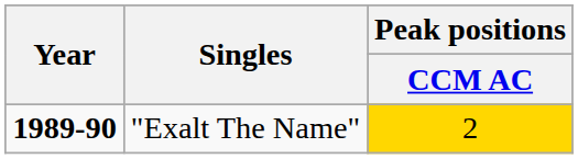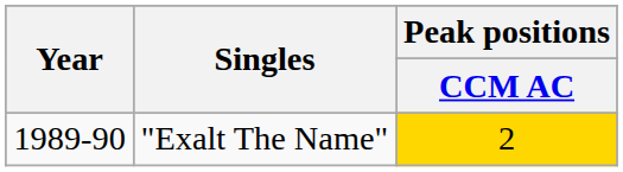 <table class="wikitable">
 <tr>
 <th rowspan="2">Year</th>
 <th rowspan="2">Singles</th>
 <th colspan="1">Peak positions</th>
 </tr>
 <tr>
 <th><a href='#'>CCM AC</a></th>
 </tr>
 <tr>
-<td><strong>1989-90</strong></td>
+<td>1989-90</td>
 <td>"Exalt The Name"</td>
 <td align="center" style="background: gold;">2</td>
 </tr>
 </table>
